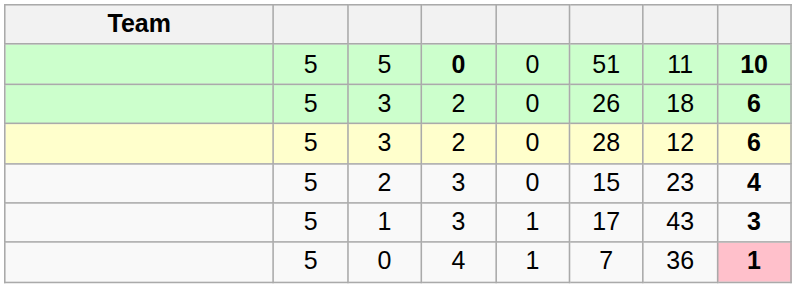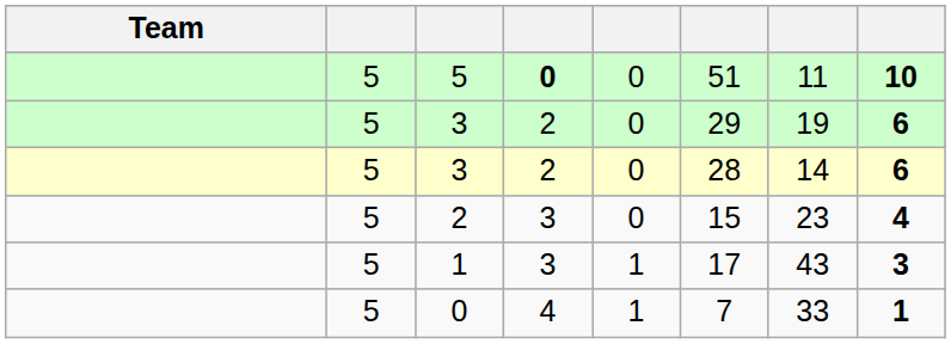 <table class="wikitable" style="text-align:center;">
 <tr>
 <th width=165>Team</th>
 <th width=40></th>
 <th width=40></th>
 <th width=40></th>
 <th width=40></th>
 <th width=40></th>
 <th width=40></th>
 <th width=40></th>
 </tr>
 <tr style="background:#ccffcc">
 <td align=left></td>
 <td>5</td>
 <td>5</td>
 <td><strong>0</strong></td>
 <td>0</td>
 <td>51</td>
 <td>11</td>
 <td><strong>10</strong></td>
 </tr>
 <tr style="background:#ccffcc">
 <td align=left></td>
 <td>5</td>
 <td>3</td>
 <td>2</td>
 <td>0</td>
-<td>26</td>
-<td>18</td>
+<td>29</td>
+<td>19</td>
 <td><strong>6</strong></td>
 </tr>
 <tr style="background:#ffffcc">
 <td align=left></td>
 <td>5</td>
 <td>3</td>
 <td>2</td>
 <td>0</td>
 <td>28</td>
-<td>12</td>
+<td>14</td>
 <td><strong>6</strong></td>
 </tr>
 <tr>
 <td align=left></td>
 <td>5</td>
 <td>2</td>
 <td>3</td>
 <td>0</td>
 <td>15</td>
 <td>23</td>
 <td><strong>4</strong></td>
 </tr>
 <tr>
 <td align=left></td>
 <td>5</td>
 <td>1</td>
 <td>3</td>
 <td>1</td>
 <td>17</td>
 <td>43</td>
 <td><strong>3</strong></td>
 </tr>
 <tr>
 <td align=left></td>
 <td>5</td>
 <td>0</td>
 <td>4</td>
 <td>1</td>
 <td>7</td>
-<td>36</td>
-<td style="background: pink;"><strong>1</strong></td>
+<td>33</td>
+<td><strong>1</strong></td>
 </tr>
 </table>
